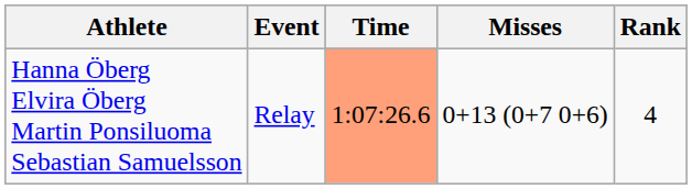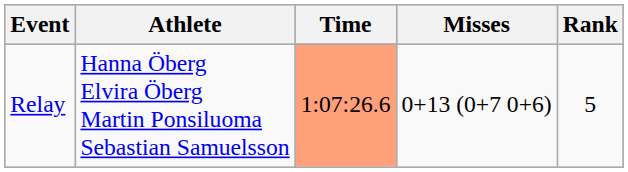 <table class="wikitable" style="font-size:90%">
 <tr>
+<th>Event</th>
 <th>Athlete</th>
-<th>Event</th>
 <th>Time</th>
 <th>Misses</th>
 <th>Rank</th>
 </tr>
 <tr align=center>
+<td align=left><a href='#'>Relay</a></td>
 <td align=left><a href='#'>Hanna Öberg</a><br><a href='#'>Elvira Öberg</a><br><a href='#'>Martin Ponsiluoma</a><br><a href='#'>Sebastian Samuelsson</a></td>
-<td align=left><a href='#'>Relay</a></td>
 <td style="background: lightsalmon;">1:07:26.6</td>
 <td>0+13 (0+7 0+6)</td>
-<td>4</td>
+<td>5</td>
 </tr>
 </table>
